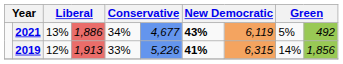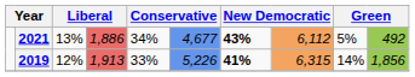 <table class="wikitable" style="float:right; width:400; font-size:90%; margin-left:1em;">
 <tr>
 <th colspan="2" scope="col">Year</th>
 <th colspan="2" scope="col"><a href='#'>Liberal</a></th>
 <th colspan="2" scope="col"><a href='#'>Conservative</a></th>
 <th colspan="2" scope="col"><a href='#'>New Democratic</a></th>
 <th colspan="2" scope="col"><a href='#'>Green</a></th>
 </tr>
 <tr>
 <td rowspan="2" style="width: 0.25em; background-color: "></td>
 <th><a href='#'>2021</a></th>
 <td>13%</td>
 <td style="text-align:right; background:#EA6D6A;"><em>1,886</em></td>
 <td>34%</td>
 <td style="text-align:right; background:#6495ED;"><em>4,677</em></td>
 <td><strong>43%</strong></td>
-<td style="text-align:right; background:#F4A460;"><em>6,119</em></td>
+<td style="text-align:right; background:#F4A460;"><em>6,112</em></td>
 <td>5%</td>
 <td style="text-align:right; background:#99C955;"><em>492</em></td>
 </tr>
 <tr>
 <th><a href='#'>2019</a></th>
 <td>12%</td>
 <td style="text-align:right; background:#EA6D6A;"><em>1,913</em></td>
 <td>33%</td>
 <td style="text-align:right; background:#6495ED;"><em>5,226</em></td>
 <td><strong>41%</strong></td>
 <td style="text-align:right; background:#F4A460;"><em>6,315</em></td>
 <td>14%</td>
 <td style="text-align:right; background:#99C955;"><em>1,856</em></td>
 </tr>
 <tr>
 </tr>
 </table>
